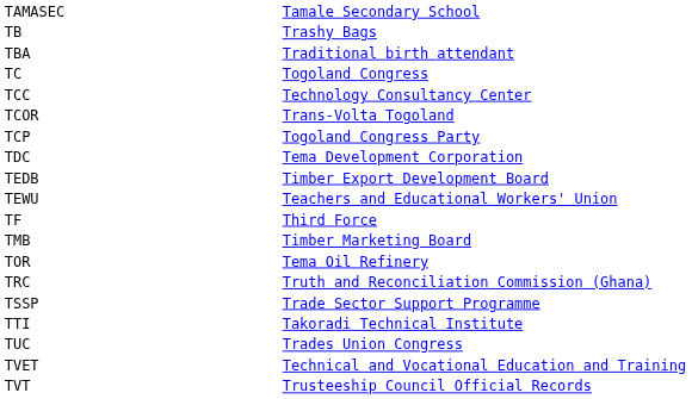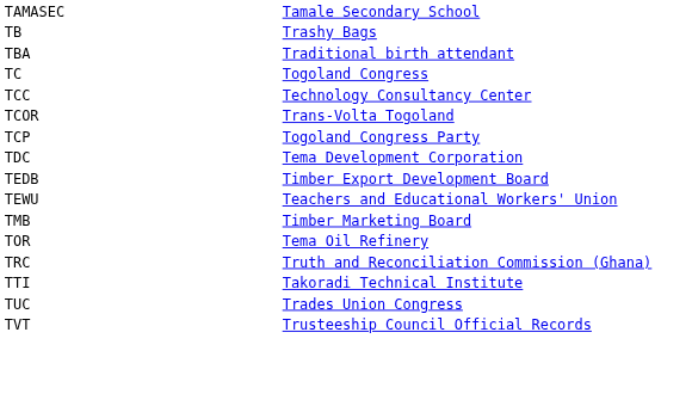 <table width="100%" style="text-verticalalign:top">
 <tr>
 <td width="20%">TAMASEC</td>
 <td width="40%"><a href='#'>Tamale Secondary School</a></td>
 <td width="40%"></td>
 </tr>
 <tr>
 <td>TB</td>
 <td><a href='#'>Trashy Bags</a></td>
 <td></td>
 </tr>
 <tr>
 <td>TBA</td>
 <td><a href='#'>Traditional birth attendant</a></td>
 <td></td>
 </tr>
 <tr>
 <td>TC</td>
 <td><a href='#'>Togoland Congress</a></td>
 <td></td>
 </tr>
 <tr>
 <td>TCC</td>
 <td><a href='#'>Technology Consultancy Center</a></td>
 <td></td>
 </tr>
 <tr>
 <td>TCOR</td>
 <td><a href='#'>Trans-Volta Togoland</a></td>
 <td></td>
 </tr>
 <tr>
 <td>TCP</td>
 <td><a href='#'>Togoland Congress Party</a></td>
 <td></td>
 </tr>
 <tr>
 <td>TDC</td>
 <td><a href='#'>Tema Development Corporation</a></td>
 <td></td>
 </tr>
 <tr>
 <td>TEDB</td>
 <td><a href='#'>Timber Export Development Board</a></td>
 <td></td>
 </tr>
 <tr>
 <td>TEWU</td>
 <td><a href='#'>Teachers and Educational Workers' Union</a></td>
 <td></td>
 </tr>
 <tr>
-<td>TF</td>
-<td><a href='#'>Third Force</a></td>
-<td></td>
-</tr>
-<tr>
 <td>TMB</td>
 <td><a href='#'>Timber Marketing Board</a></td>
 <td></td>
 </tr>
 <tr>
 <td>TOR</td>
 <td><a href='#'>Tema Oil Refinery</a></td>
 <td></td>
 </tr>
 <tr>
 <td>TRC</td>
 <td><a href='#'>Truth and Reconciliation Commission (Ghana)</a></td>
 <td></td>
 </tr>
 <tr>
-<td>TSSP</td>
-<td><a href='#'>Trade Sector Support Programme</a></td>
-<td></td>
-</tr>
-<tr>
 <td>TTI</td>
 <td><a href='#'>Takoradi Technical Institute</a></td>
 <td></td>
 </tr>
 <tr>
 <td>TUC</td>
 <td><a href='#'>Trades Union Congress</a></td>
 <td></td>
 </tr>
 <tr>
-<td>TVET</td>
-<td><a href='#'>Technical and Vocational Education and Training</a></td>
-<td></td>
-</tr>
-<tr>
 <td>TVT</td>
 <td><a href='#'>Trusteeship Council Official Records</a></td>
 <td></td>
 </tr>
 </table>
